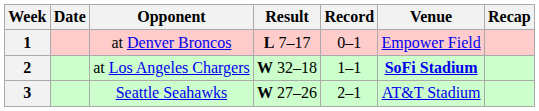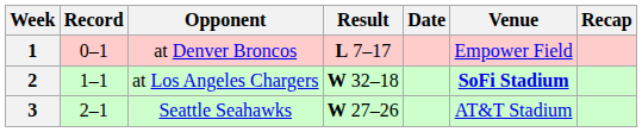 <table class="wikitable" style="text-align:center">
 <tr>
 <th>Week</th>
-<th>Date</th>
+<th>Record</th>
 <th>Opponent</th>
 <th>Result</th>
-<th>Record</th>
+<th>Date</th>
 <th>Venue</th>
 <th>Recap</th>
 </tr>
 <tr style="background:#fcc">
 <th>1</th>
-<td></td>
+<td>0–1</td>
 <td>at <a href='#'>Denver Broncos</a></td>
 <td><strong>L</strong> 7–17</td>
-<td>0–1</td>
+<td></td>
 <td><a href='#'>Empower Field</a></td>
 <td></td>
 </tr>
 <tr style="background:#cfc">
 <th>2</th>
-<td></td>
+<td>1–1</td>
 <td>at <a href='#'>Los Angeles Chargers</a></td>
 <td><strong>W</strong> 32–18</td>
-<td>1–1</td>
+<td></td>
 <td><strong><a href='#'>SoFi Stadium</a></strong></td>
 <td></td>
 </tr>
 <tr style="background:#cfc">
 <th>3</th>
-<td></td>
+<td>2–1</td>
 <td><a href='#'>Seattle Seahawks</a></td>
 <td><strong>W</strong> 27–26</td>
-<td>2–1</td>
+<td></td>
 <td><a href='#'>AT&T Stadium</a></td>
 <td></td>
 </tr>
 </table>
